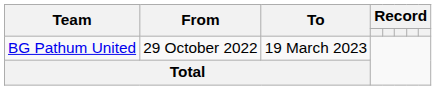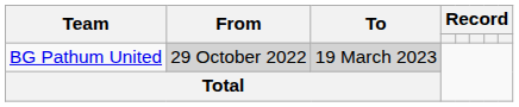 <table class="wikitable" style="text-align: center">
 <tr>
 <th rowspan=2>Team</th>
 <th rowspan=2>From</th>
 <th rowspan=2>To</th>
 <th colspan=5>Record</th>
 </tr>
 <tr>
 <th></th>
 <th></th>
 <th></th>
 <th></th>
 <th></th>
 </tr>
 <tr>
 <td align="left"><a href='#'>BG Pathum United</a></td>
-<td align="left">29 October 2022</td>
-<td align="left">19 March 2023<br></td>
+<td align="left" style="background: lightgrey;">29 October 2022</td>
+<td align="left" style="background: lightgrey;">19 March 2023<br></td>
 </tr>
 <tr>
 <th colspan=3>Total<br></th>
 </tr>
 </table>
